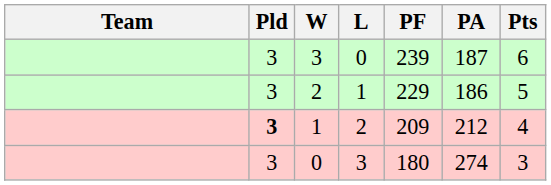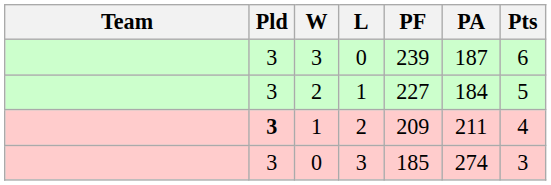 <table class="wikitable" style="text-align:center;">
 <tr>
 <th width=170>Team</th>
 <th width=25>Pld</th>
 <th width=25>W</th>
 <th width=25>L</th>
 <th width=35>PF</th>
 <th width=35>PA</th>
 <th width=25>Pts</th>
 </tr>
 <tr bgcolor=#ccffcc>
 <td align="left"></td>
 <td>3</td>
 <td>3</td>
 <td>0</td>
 <td>239</td>
 <td>187</td>
 <td>6</td>
 </tr>
 <tr bgcolor=#ccffcc>
 <td align="left"></td>
 <td>3</td>
 <td>2</td>
 <td>1</td>
-<td>229</td>
-<td>186</td>
+<td>227</td>
+<td>184</td>
 <td>5</td>
 </tr>
 <tr bgcolor=#ffcccc>
 <td align="left"></td>
 <td><strong>3</strong></td>
 <td>1</td>
 <td>2</td>
 <td>209</td>
-<td>212</td>
+<td>211</td>
 <td>4</td>
 </tr>
 <tr bgcolor=#ffcccc>
 <td align="left"></td>
 <td>3</td>
 <td>0</td>
 <td>3</td>
-<td>180</td>
+<td>185</td>
 <td>274</td>
 <td>3</td>
 </tr>
 </table>
